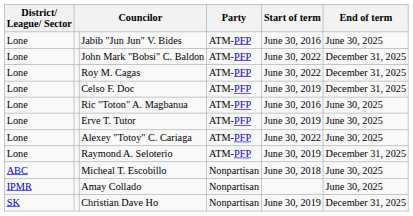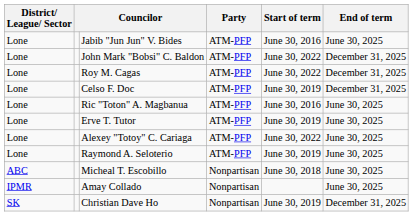 <table class="wikitable">
 <tr>
 <th>District/<br>League/ Sector</th>
 <th colspan="2">Councilor</th>
 <th>Party</th>
 <th>Start of term</th>
 <th>End of term</th>
 </tr>
 <tr>
 <td>Lone</td>
 <td></td>
 <td>Jabib "Jun Jun" V. Bides</td>
 <td>ATM-<a href='#'>PFP</a></td>
 <td>June 30, 2016</td>
 <td>June 30, 2025</td>
 </tr>
 <tr>
 <td>Lone</td>
 <td></td>
 <td>John Mark "Bobsi" C. Baldon</td>
 <td>ATM-<a href='#'>PFP</a></td>
 <td>June 30, 2022</td>
 <td>December 31, 2025</td>
 </tr>
 <tr>
 <td>Lone</td>
 <td></td>
 <td>Roy M. Cagas</td>
 <td>ATM-<a href='#'>PFP</a></td>
 <td>June 30, 2022</td>
 <td>December 31, 2025</td>
 </tr>
 <tr>
 <td>Lone</td>
 <td></td>
 <td>Celso F. Doc</td>
 <td>ATM-<a href='#'>PFP</a></td>
 <td>June 30, 2019</td>
 <td>December 31, 2025</td>
 </tr>
 <tr>
 <td>Lone</td>
 <td></td>
 <td>Ric "Toton" A. Magbanua</td>
 <td>ATM-<a href='#'>PFP</a></td>
 <td>June 30, 2016</td>
 <td>June 30, 2025</td>
 </tr>
 <tr>
 <td>Lone</td>
 <td></td>
 <td>Erve T. Tutor</td>
 <td>ATM-<a href='#'>PFP</a></td>
 <td>June 30, 2019</td>
 <td>June 30, 2025</td>
 </tr>
 <tr>
 <td>Lone</td>
 <td></td>
 <td>Alexey "Totoy" C. Cariaga</td>
 <td>ATM-<a href='#'>PFP</a></td>
 <td>June 30, 2022</td>
 <td>June 30, 2025</td>
 </tr>
 <tr>
 <td>Lone</td>
 <td></td>
 <td>Raymond A. Seloterio</td>
 <td>ATM-<a href='#'>PFP</a></td>
 <td>June 30, 2019</td>
-<td>December 31, 2025</td>
+<td>June 30, 2025</td>
 </tr>
 <tr>
 <td><a href='#'>ABC</a></td>
 <td></td>
 <td>Micheal T. Escobillo</td>
 <td>Nonpartisan</td>
 <td>June 30, 2018</td>
 <td>June 30, 2025</td>
 </tr>
 <tr>
 <td><a href='#'>IPMR</a></td>
 <td></td>
 <td>Amay Collado</td>
 <td>Nonpartisan</td>
 <td></td>
 <td>June 30, 2025</td>
 </tr>
 <tr>
 <td><a href='#'>SK</a></td>
 <td></td>
 <td>Christian Dave Ho</td>
 <td>Nonpartisan</td>
 <td>June 30, 2019</td>
 <td>December 31, 2025</td>
 </tr>
 </table>
